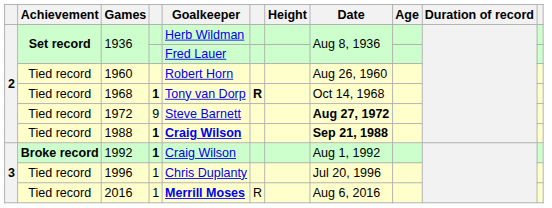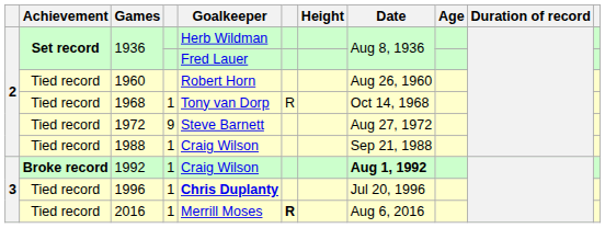 <table class="wikitable" style="text-align: left; font-size: 90%; margin-left: 1em;">
 <tr>
 <th></th>
 <th>Achievement</th>
 <th>Games</th>
 <th></th>
 <th>Goalkeeper</th>
 <th></th>
 <th>Height</th>
 <th>Date</th>
 <th>Age</th>
 <th>Duration of record</th>
 <th></th>
 </tr>
 <tr style="background: #cfc;">
 <td rowspan="6" style="background: #f2f2f2; text-align: center;"><strong>2</strong></td>
 <td rowspan="2" style="text-align: center;"><strong>Set record</strong></td>
 <td rowspan="2">1936</td>
 <td style="text-align: center;"></td>
 <td><a href='#'>Herb Wildman</a></td>
 <td style="text-align: center;"></td>
 <td></td>
 <td rowspan="2">Aug 8, 1936</td>
 <td style="text-align: center;"></td>
 <td rowspan="6" style="background: #f2f2f2;"></td>
 <td></td>
 </tr>
 <tr style="background: #cfc;">
 <td style="text-align: center;"></td>
 <td><a href='#'>Fred Lauer</a></td>
 <td style="text-align: center;"></td>
 <td></td>
 <td style="text-align: center;"></td>
 <td></td>
 </tr>
 <tr style="background: #ffc;">
 <td style="text-align: center;">Tied record</td>
 <td>1960</td>
 <td style="text-align: center;"></td>
 <td><a href='#'>Robert Horn</a></td>
 <td style="text-align: center;"></td>
 <td></td>
 <td>Aug 26, 1960</td>
 <td style="text-align: center;"></td>
 <td></td>
 </tr>
 <tr style="background: #ffc;">
 <td style="text-align: center;">Tied record</td>
 <td>1968</td>
-<td style="text-align: center;"><strong>1</strong></td>
+<td style="text-align: center;">1</td>
 <td><a href='#'>Tony van Dorp</a></td>
-<td style="text-align: center;"><strong>R</strong></td>
+<td style="text-align: center;">R</td>
 <td></td>
 <td>Oct 14, 1968</td>
 <td style="text-align: center;"></td>
 <td></td>
 </tr>
 <tr style="background: #ffc;">
 <td style="text-align: center;">Tied record</td>
 <td>1972 </td>
 <td style="text-align: center;">9</td>
 <td data-sort-value="Barnett, Steve"><a href='#'>Steve Barnett</a></td>
 <td style="text-align: center;"></td>
 <td></td>
-<td><strong>Aug 27, 1972</strong></td>
+<td>Aug 27, 1972</td>
 <td style="text-align: center;"></td>
 <td></td>
 </tr>
 <tr style="background: #ffc;">
 <td style="text-align: center;">Tied record</td>
 <td>1988 </td>
-<td style="text-align: center;"><strong>1</strong></td>
-<td><strong><a href='#'>Craig Wilson</a></strong></td>
+<td style="text-align: center;">1</td>
+<td><a href='#'>Craig Wilson</a></td>
 <td style="text-align: center;"></td>
 <td></td>
-<td><strong>Sep 21, 1988</strong></td>
+<td>Sep 21, 1988</td>
 <td style="text-align: center;"></td>
 <td></td>
 </tr>
 <tr style="background: #cfc;">
 <td rowspan="3" style="background: #f2f2f2; text-align: center;"><strong>3</strong></td>
 <td style="text-align: center;"><strong>Broke record</strong></td>
 <td>1992</td>
-<td style="text-align: center;"><strong>1</strong></td>
+<td style="text-align: center;">1</td>
 <td><a href='#'>Craig Wilson</a></td>
 <td style="text-align: center;"></td>
 <td></td>
-<td>Aug 1, 1992</td>
+<td><strong>Aug 1, 1992</strong></td>
 <td style="text-align: center;"></td>
 <td rowspan="3" style="background: #f2f2f2;"></td>
 <td></td>
 </tr>
 <tr style="background: #ffc;">
 <td style="text-align: center;">Tied record</td>
 <td>1996</td>
 <td style="text-align: center;">1</td>
-<td><a href='#'>Chris Duplanty</a></td>
+<td><strong><a href='#'>Chris Duplanty</a></strong></td>
 <td style="text-align: center;"></td>
 <td></td>
 <td>Jul 20, 1996</td>
 <td style="text-align: center;"></td>
 <td></td>
 </tr>
 <tr style="background: #ffc;">
 <td style="text-align: center;">Tied record</td>
 <td>2016</td>
 <td style="text-align: center;">1</td>
-<td><strong><a href='#'>Merrill Moses</a></strong></td>
-<td style="text-align: center;">R</td>
+<td><a href='#'>Merrill Moses</a></td>
+<td style="text-align: center;"><strong>R</strong></td>
 <td></td>
 <td>Aug 6, 2016</td>
 <td style="text-align: center;"></td>
 <td></td>
 </tr>
 </table>
